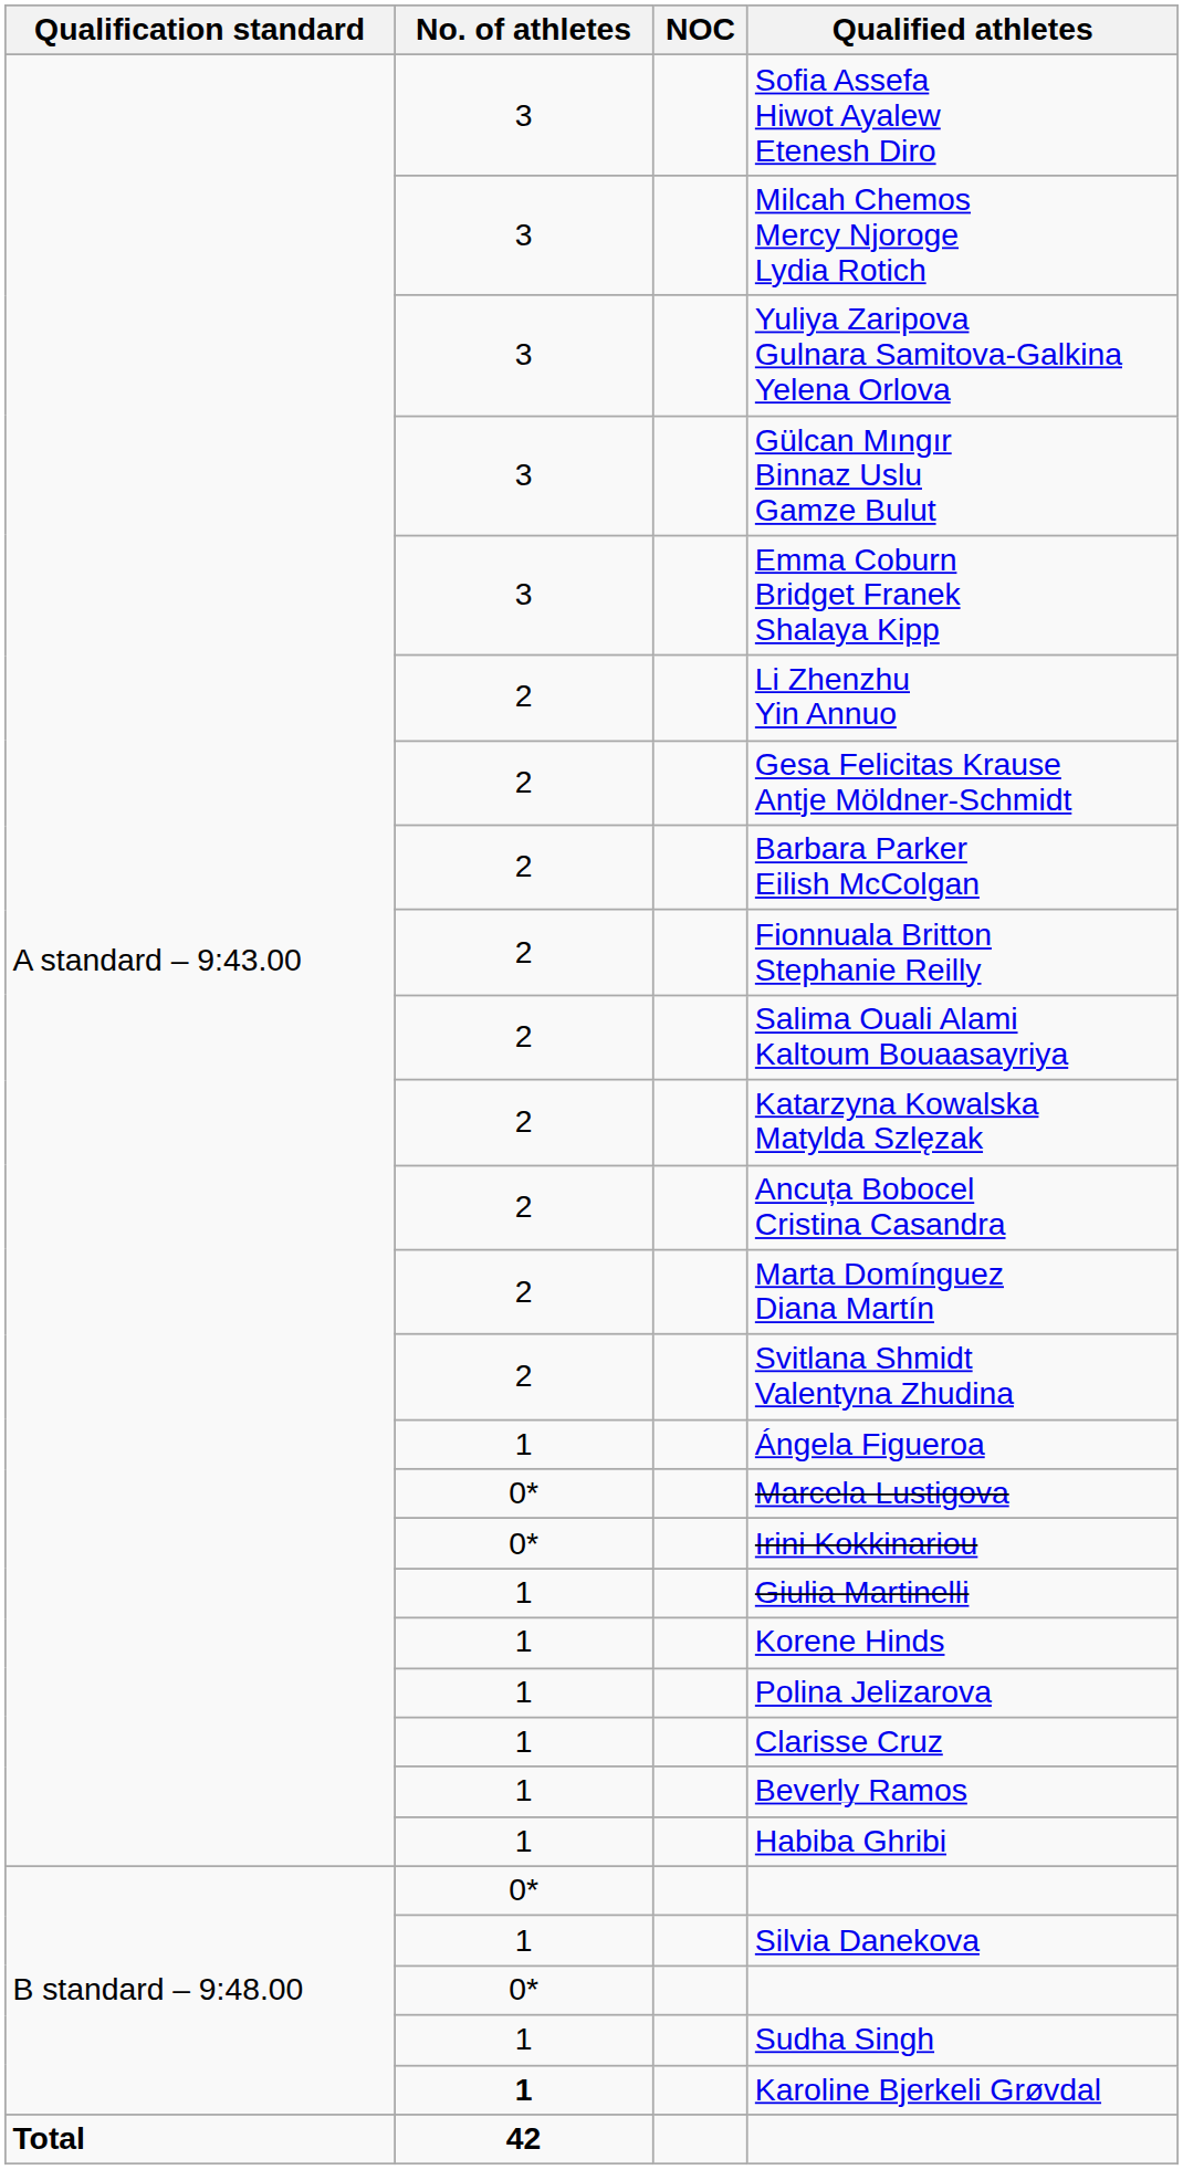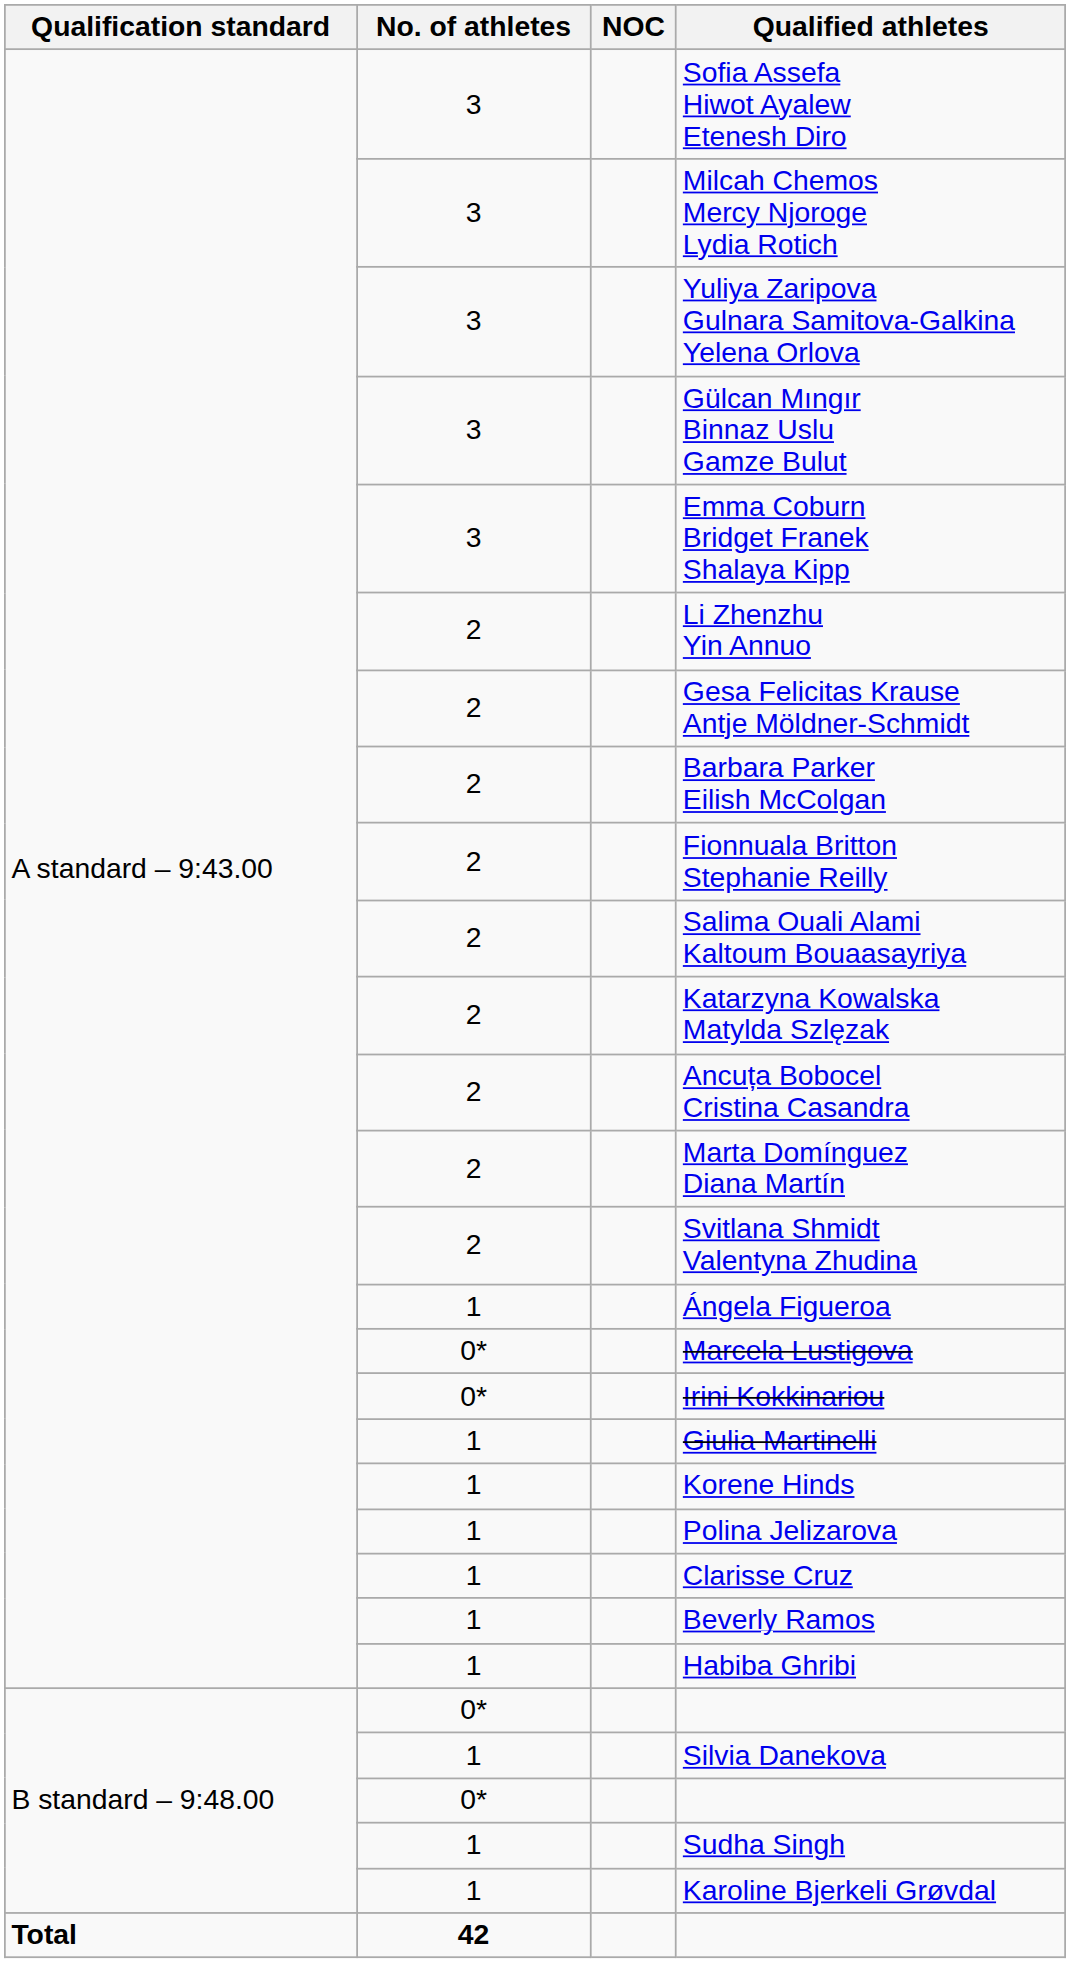 <table class="wikitable"  style="text-align:left; width:600px;">
 <tr>
 <th>Qualification standard</th>
 <th>No. of athletes</th>
 <th>NOC</th>
 <th>Qualified athletes</th>
 </tr>
 <tr>
 <td rowspan="23">A standard – 9:43.00</td>
 <td align=center>3</td>
 <td></td>
 <td><a href='#'>Sofia Assefa</a> <br> <a href='#'>Hiwot Ayalew</a> <br> <a href='#'>Etenesh Diro</a></td>
 </tr>
 <tr>
 <td align=center>3</td>
 <td></td>
 <td><a href='#'>Milcah Chemos</a> <br> <a href='#'>Mercy Njoroge</a> <br> <a href='#'>Lydia Rotich</a></td>
 </tr>
 <tr>
 <td align=center>3</td>
 <td></td>
 <td><a href='#'>Yuliya Zaripova</a><br><a href='#'>Gulnara Samitova-Galkina</a><br><a href='#'>Yelena Orlova</a></td>
 </tr>
 <tr>
 <td align=center>3</td>
 <td></td>
 <td><a href='#'>Gülcan Mıngır</a> <br> <a href='#'>Binnaz Uslu</a> <br> <a href='#'>Gamze Bulut</a></td>
 </tr>
 <tr>
 <td align=center>3</td>
 <td></td>
 <td><a href='#'>Emma Coburn</a><br><a href='#'>Bridget Franek</a><br><a href='#'>Shalaya Kipp</a></td>
 </tr>
 <tr>
 <td align=center>2</td>
 <td></td>
 <td><a href='#'>Li Zhenzhu</a> <br> <a href='#'>Yin Annuo</a></td>
 </tr>
 <tr>
 <td align=center>2</td>
 <td></td>
 <td><a href='#'>Gesa Felicitas Krause</a><br><a href='#'>Antje Möldner-Schmidt</a></td>
 </tr>
 <tr>
 <td align=center>2</td>
 <td></td>
 <td><a href='#'>Barbara Parker</a><br><a href='#'>Eilish McColgan</a></td>
 </tr>
 <tr>
 <td align=center>2</td>
 <td></td>
 <td><a href='#'>Fionnuala Britton</a><br><a href='#'>Stephanie Reilly</a></td>
 </tr>
 <tr>
 <td align=center>2</td>
 <td></td>
 <td><a href='#'>Salima Ouali Alami</a><br><a href='#'>Kaltoum Bouaasayriya</a></td>
 </tr>
 <tr>
 <td align=center>2</td>
 <td></td>
 <td><a href='#'>Katarzyna Kowalska</a><br><a href='#'>Matylda Szlęzak</a></td>
 </tr>
 <tr>
 <td align=center>2</td>
 <td></td>
 <td><a href='#'>Ancuța Bobocel</a><br><a href='#'>Cristina Casandra</a></td>
 </tr>
 <tr>
 <td align=center>2</td>
 <td></td>
 <td><a href='#'>Marta Domínguez</a> <br> <a href='#'>Diana Martín</a></td>
 </tr>
 <tr>
 <td align=center>2</td>
 <td></td>
 <td><a href='#'>Svitlana Shmidt</a> <br> <a href='#'>Valentyna Zhudina</a></td>
 </tr>
 <tr>
 <td align=center>1</td>
 <td></td>
 <td><a href='#'>Ángela Figueroa</a></td>
 </tr>
 <tr>
 <td align=center>0*</td>
 <td></td>
 <td><s><a href='#'>Marcela Lustigova</a></s></td>
 </tr>
 <tr>
 <td align=center>0*</td>
 <td></td>
 <td><s><a href='#'>Irini Kokkinariou</a></s></td>
 </tr>
 <tr>
 <td align=center>1</td>
 <td></td>
 <td><del><a href='#'>Giulia Martinelli</a> </del></td>
 </tr>
 <tr>
 <td align=center>1</td>
 <td></td>
 <td><a href='#'>Korene Hinds</a></td>
 </tr>
 <tr>
 <td align=center>1</td>
 <td></td>
 <td><a href='#'>Polina Jelizarova</a></td>
 </tr>
 <tr>
 <td align=center>1</td>
 <td></td>
 <td><a href='#'>Clarisse Cruz</a></td>
 </tr>
 <tr>
 <td align=center>1</td>
 <td></td>
 <td><a href='#'>Beverly Ramos</a></td>
 </tr>
 <tr>
 <td align=center>1</td>
 <td></td>
 <td><a href='#'>Habiba Ghribi</a></td>
 </tr>
 <tr>
 <td rowspan="5">B standard – 9:48.00</td>
 <td align=center>0*</td>
 <td><s></s></td>
 </tr>
 <tr>
 <td align=center>1</td>
 <td></td>
 <td><a href='#'>Silvia Danekova</a></td>
 </tr>
 <tr>
 <td align=center>0*</td>
 <td><s></s></td>
 </tr>
 <tr>
 <td align=center>1</td>
 <td></td>
 <td><a href='#'>Sudha Singh</a></td>
 </tr>
 <tr>
-<td align=center><strong>1</strong></td>
+<td align=center>1</td>
 <td></td>
 <td><a href='#'>Karoline Bjerkeli Grøvdal</a></td>
 </tr>
 <tr>
 <td><strong>Total</strong></td>
 <td align=center><strong>42</strong></td>
 <td></td>
 <td></td>
 </tr>
 </table>
